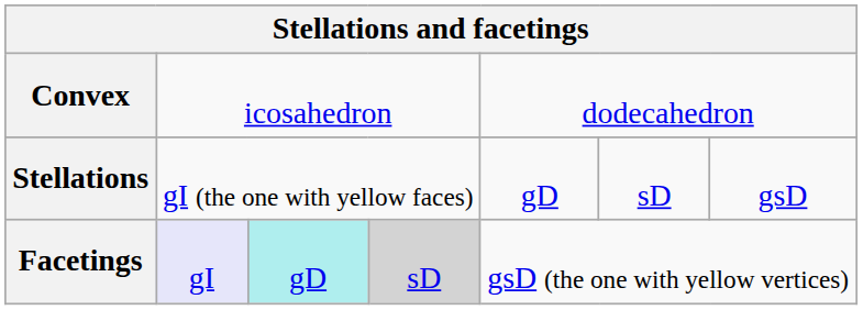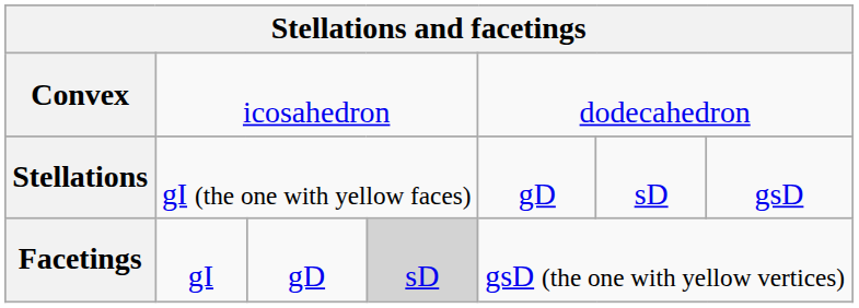 <table class="wikitable collapsible collapsed" style="text-align: center;">
 <tr>
 <th colspan="7">Stellations and facetings</th>
 </tr>
 <tr>
 <th>Convex</th>
 <td colspan="3"><br><a href='#'>icosahedron</a></td>
 <td colspan="3"><br><a href='#'>dodecahedron</a></td>
 </tr>
 <tr>
 <th>Stellations</th>
 <td colspan="3"><br><a href='#'>gI</a> <small>(the one with yellow faces)</small></td>
 <td><br><a href='#'>gD</a></td>
 <td><br><a href='#'>sD</a></td>
 <td><br><a href='#'>gsD</a></td>
 </tr>
 <tr>
 <th>Facetings</th>
-<td style="background: lavender;"><br><a href='#'>gI</a></td>
-<td style="background: paleturquoise;"><br><a href='#'>gD</a></td>
+<td><br><a href='#'>gI</a></td>
+<td><br><a href='#'>gD</a></td>
 <td style="background: lightgrey;"><br><a href='#'>sD</a></td>
 <td colspan="3"><br><a href='#'>gsD</a> <small>(the one with yellow vertices)</small></td>
 </tr>
 </table>
